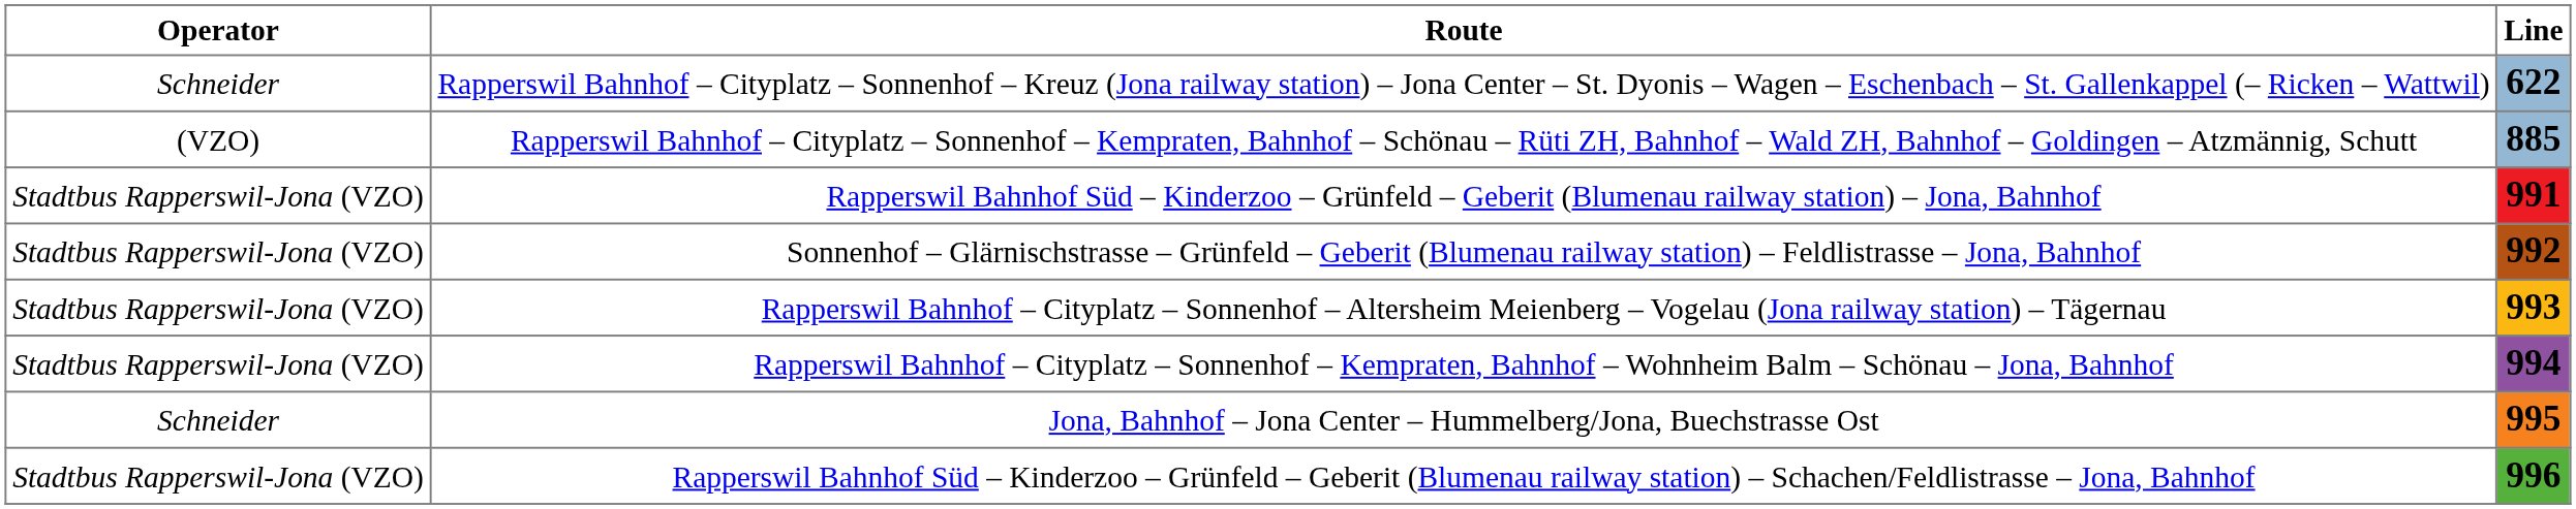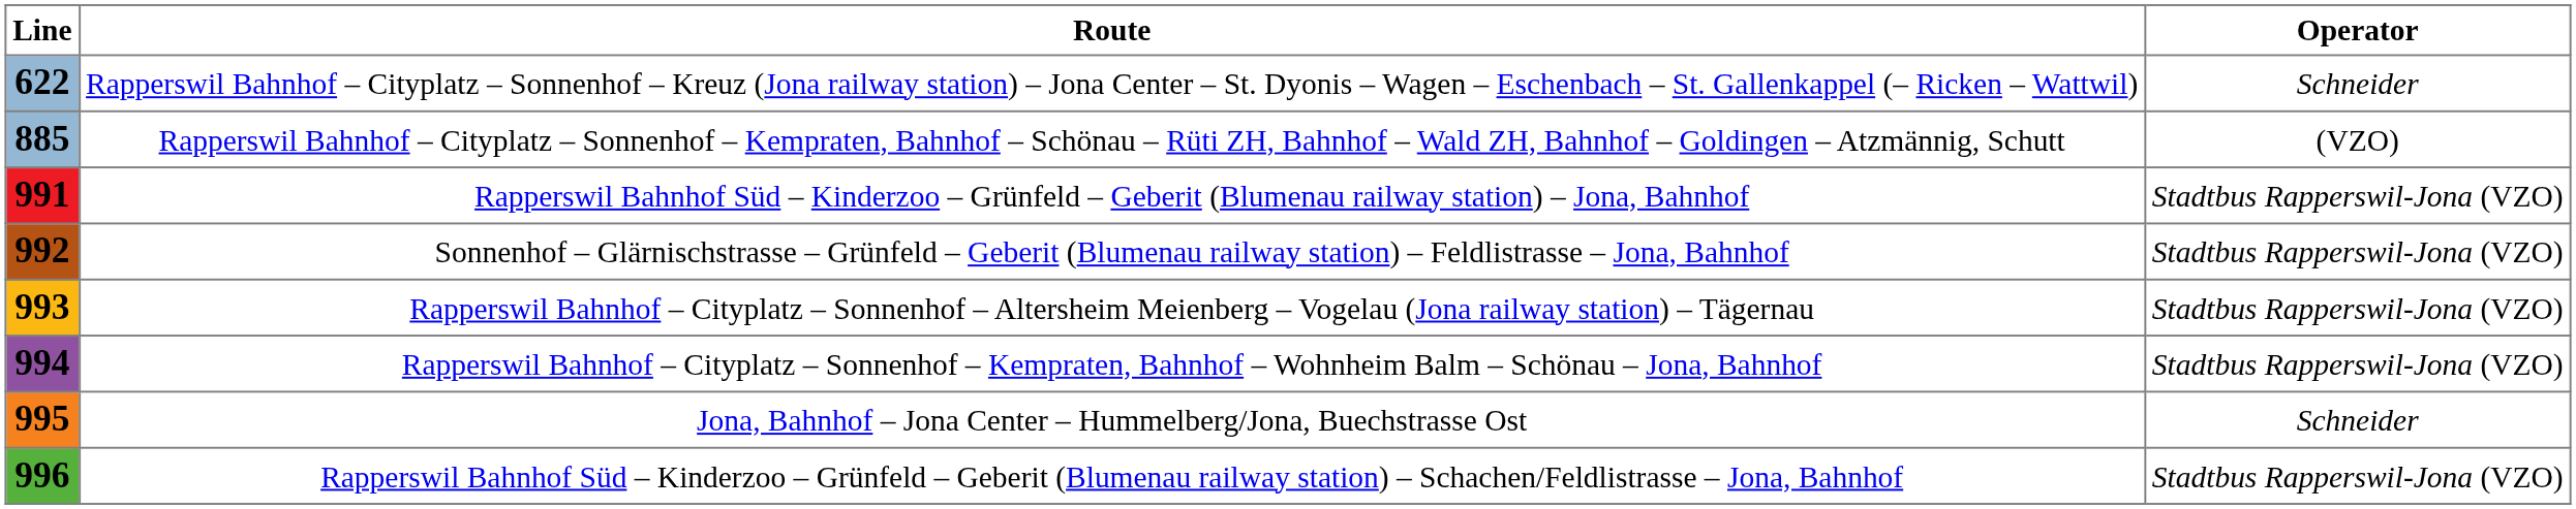 <table border="1" cellspacing="0" cellpadding="3" style="border-collapse:collapse; font-size:95%; margin-left:10px; margin-bottom:5px;">
 <tr>
+<th>Line</th>
+<th>Route</th>
 <th>Operator</th>
-<th>Route</th>
-<th>Line</th>
 </tr>
 <tr align=center>
+<td bgcolor=#94b7d4><span><big><strong>622</strong></big></span></td>
+<td><a href='#'>Rapperswil Bahnhof</a> – Cityplatz – Sonnenhof – Kreuz (<a href='#'>Jona railway station</a>) – Jona Center – St. Dyonis – Wagen – <a href='#'>Eschenbach</a> – <a href='#'>St. Gallenkappel</a> (– <a href='#'>Ricken</a> – <a href='#'>Wattwil</a>)</td>
 <td><em>Schneider</em></td>
-<td><a href='#'>Rapperswil Bahnhof</a> – Cityplatz – Sonnenhof – Kreuz (<a href='#'>Jona railway station</a>) – Jona Center – St. Dyonis – Wagen – <a href='#'>Eschenbach</a> – <a href='#'>St. Gallenkappel</a> (– <a href='#'>Ricken</a> – <a href='#'>Wattwil</a>)</td>
-<td bgcolor=#94b7d4><span><big><strong>622</strong></big></span></td>
 </tr>
 <tr align=center>
+<td bgcolor=#94b7d4><span><big><strong>885</strong></big></span></td>
+<td><a href='#'>Rapperswil Bahnhof</a> – Cityplatz – Sonnenhof – <a href='#'>Kempraten, Bahnhof</a> – Schönau – <a href='#'>Rüti ZH, Bahnhof</a> – <a href='#'>Wald ZH, Bahnhof</a> – <a href='#'>Goldingen</a> – Atzmännig, Schutt</td>
 <td>(VZO)</td>
-<td><a href='#'>Rapperswil Bahnhof</a> – Cityplatz – Sonnenhof – <a href='#'>Kempraten, Bahnhof</a> – Schönau – <a href='#'>Rüti ZH, Bahnhof</a> – <a href='#'>Wald ZH, Bahnhof</a> – <a href='#'>Goldingen</a> – Atzmännig, Schutt</td>
-<td bgcolor=#94b7d4><span><big><strong>885</strong></big></span></td>
 </tr>
 <tr align=center>
+<td bgcolor=#ed1b24><span><big><strong>991</strong></big></span></td>
+<td><a href='#'>Rapperswil Bahnhof Süd</a> – <a href='#'>Kinderzoo</a> – Grünfeld – <a href='#'>Geberit</a> (<a href='#'>Blumenau railway station</a>) – <a href='#'>Jona, Bahnhof</a></td>
 <td><em>Stadtbus Rapperswil-Jona</em> (VZO)</td>
-<td><a href='#'>Rapperswil Bahnhof Süd</a> – <a href='#'>Kinderzoo</a> – Grünfeld – <a href='#'>Geberit</a> (<a href='#'>Blumenau railway station</a>) – <a href='#'>Jona, Bahnhof</a></td>
-<td bgcolor=#ed1b24><span><big><strong>991</strong></big></span></td>
 </tr>
 <tr align=center>
+<td bgcolor=#b55314><span><big><strong>992</strong></big></span></td>
+<td>Sonnenhof – Glärnischstrasse – Grünfeld – <a href='#'>Geberit</a> (<a href='#'>Blumenau railway station</a>) – Feldlistrasse – <a href='#'>Jona, Bahnhof</a></td>
 <td><em>Stadtbus Rapperswil-Jona</em> (VZO)</td>
-<td>Sonnenhof – Glärnischstrasse – Grünfeld – <a href='#'>Geberit</a> (<a href='#'>Blumenau railway station</a>) – Feldlistrasse – <a href='#'>Jona, Bahnhof</a></td>
-<td bgcolor=#b55314><span><big><strong>992</strong></big></span></td>
 </tr>
 <tr align=center>
+<td bgcolor=#fcb812><span><big><strong>993</strong></big></span></td>
+<td><a href='#'>Rapperswil Bahnhof</a> – Cityplatz – Sonnenhof – Altersheim Meienberg – Vogelau (<a href='#'>Jona railway station</a>) – Tägernau</td>
 <td><em>Stadtbus Rapperswil-Jona</em> (VZO)</td>
-<td><a href='#'>Rapperswil Bahnhof</a> – Cityplatz – Sonnenhof – Altersheim Meienberg – Vogelau (<a href='#'>Jona railway station</a>) – Tägernau</td>
-<td bgcolor=#fcb812><span><big><strong>993</strong></big></span></td>
 </tr>
 <tr align=center>
+<td bgcolor=#8f52a0><span><big><strong>994</strong></big></span></td>
+<td><a href='#'>Rapperswil Bahnhof</a> – Cityplatz – Sonnenhof – <a href='#'>Kempraten, Bahnhof</a> – Wohnheim Balm – Schönau – <a href='#'>Jona, Bahnhof</a></td>
 <td><em>Stadtbus Rapperswil-Jona</em> (VZO)</td>
-<td><a href='#'>Rapperswil Bahnhof</a> – Cityplatz – Sonnenhof – <a href='#'>Kempraten, Bahnhof</a> – Wohnheim Balm – Schönau – <a href='#'>Jona, Bahnhof</a></td>
-<td bgcolor=#8f52a0><span><big><strong>994</strong></big></span></td>
 </tr>
 <tr align=center>
+<td bgcolor=#f6821f><span><big><strong>995</strong></big></span></td>
+<td><a href='#'>Jona, Bahnhof</a> – Jona Center – Hummelberg/Jona, Buechstrasse Ost</td>
 <td><em>Schneider</em></td>
-<td><a href='#'>Jona, Bahnhof</a> – Jona Center – Hummelberg/Jona, Buechstrasse Ost</td>
-<td bgcolor=#f6821f><span><big><strong>995</strong></big></span></td>
 </tr>
 <tr align=center>
+<td bgcolor=#56b03c><span><big><strong>996</strong></big></span></td>
+<td><a href='#'>Rapperswil Bahnhof Süd</a> – Kinderzoo – Grünfeld – Geberit (<a href='#'>Blumenau railway station</a>) – Schachen/Feldlistrasse – <a href='#'>Jona, Bahnhof</a></td>
 <td><em>Stadtbus Rapperswil-Jona</em> (VZO)</td>
-<td><a href='#'>Rapperswil Bahnhof Süd</a> – Kinderzoo – Grünfeld – Geberit (<a href='#'>Blumenau railway station</a>) – Schachen/Feldlistrasse – <a href='#'>Jona, Bahnhof</a></td>
-<td bgcolor=#56b03c><span><big><strong>996</strong></big></span></td>
 </tr>
 </table>
